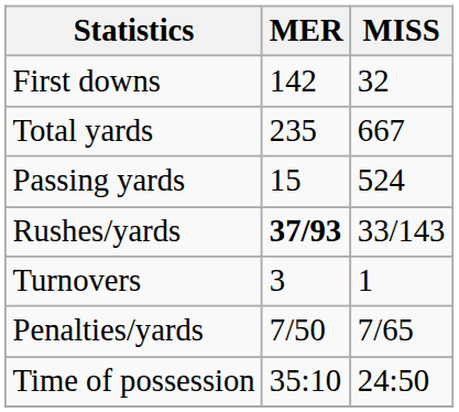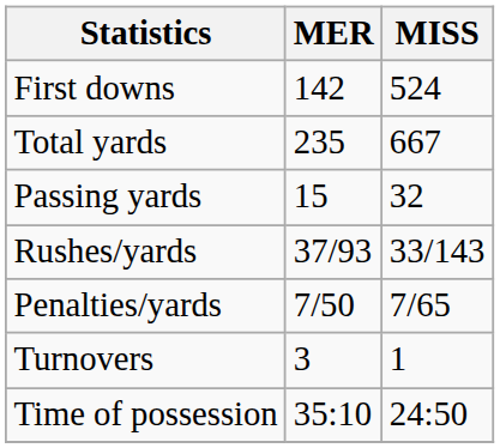 <table class="wikitable" style="float: left;">
 <tr>
 <th>Statistics</th>
 <th>MER</th>
 <th>MISS</th>
 </tr>
 <tr>
 <td>First downs</td>
 <td>142</td>
-<td>32</td>
+<td>524</td>
 </tr>
 <tr>
 <td>Total yards</td>
 <td>235</td>
 <td>667</td>
 </tr>
 <tr>
 <td>Passing yards</td>
 <td>15</td>
-<td>524</td>
+<td>32</td>
 </tr>
 <tr>
 <td>Rushes/yards</td>
-<td><strong>37/93</strong></td>
+<td>37/93</td>
 <td>33/143</td>
+</tr>
+<tr>
+<td>Penalties/yards</td>
+<td>7/50</td>
+<td>7/65</td>
 </tr>
 <tr>
 <td>Turnovers</td>
 <td>3</td>
 <td>1</td>
-</tr>
-<tr>
-<td>Penalties/yards</td>
-<td>7/50</td>
-<td>7/65</td>
 </tr>
 <tr>
 <td>Time of possession</td>
 <td>35:10</td>
 <td>24:50</td>
 </tr>
 <tr>
 </tr>
 </table>
